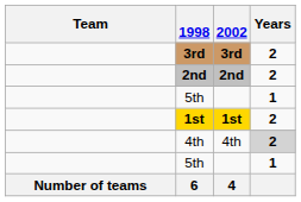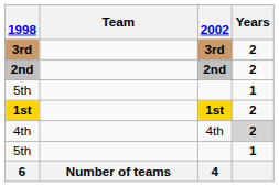 <table class="wikitable" style="text-align:center; font-size:90%">
 <tr>
+<th width=25><br><a href='#'>1998</a></th>
 <th width=170>Team</th>
-<th width=25><br><a href='#'>1998</a></th>
 <th width=25><br><a href='#'>2002</a></th>
 <th width=40>Years</th>
 </tr>
 <tr>
+<td bgcolor=cc9966><strong>3rd</strong></td>
 <td align=left></td>
-<td bgcolor=cc9966><strong>3rd</strong></td>
 <td bgcolor=cc9966><strong>3rd</strong></td>
 <td><strong>2</strong></td>
 </tr>
 <tr>
+<td bgcolor=silver><strong>2nd</strong></td>
 <td align=left></td>
-<td bgcolor=silver><strong>2nd</strong></td>
 <td bgcolor=silver><strong>2nd</strong></td>
 <td><strong>2</strong></td>
 </tr>
 <tr>
+<td>5th</td>
 <td align=left></td>
-<td>5th</td>
 <td></td>
 <td><strong>1</strong></td>
 </tr>
 <tr>
+<td bgcolor=gold><strong>1st</strong></td>
 <td align=left></td>
-<td bgcolor=gold><strong>1st</strong></td>
 <td bgcolor=gold><strong>1st</strong></td>
 <td><strong>2</strong></td>
 </tr>
 <tr>
+<td>4th</td>
 <td align=left></td>
-<td>4th</td>
 <td>4th</td>
 <td style="background: lightgrey;"><strong>2</strong></td>
 </tr>
 <tr>
+<td>5th</td>
 <td align=left></td>
-<td>5th</td>
 <td></td>
 <td><strong>1</strong></td>
 </tr>
 <tr>
+<th>6</th>
 <th>Number of teams</th>
-<th>6</th>
 <th>4</th>
 <th></th>
 </tr>
 </table>
